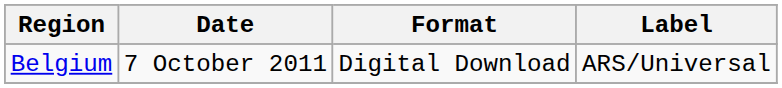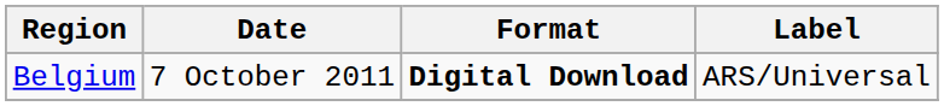 <table class=wikitable>
 <tr>
 <th>Region</th>
 <th>Date</th>
 <th>Format</th>
 <th>Label</th>
 </tr>
 <tr>
 <td><a href='#'>Belgium</a></td>
 <td>7 October 2011</td>
-<td>Digital Download</td>
+<td><strong>Digital Download</strong></td>
 <td>ARS/Universal</td>
 </tr>
 <tr>
 </tr>
 </table>
